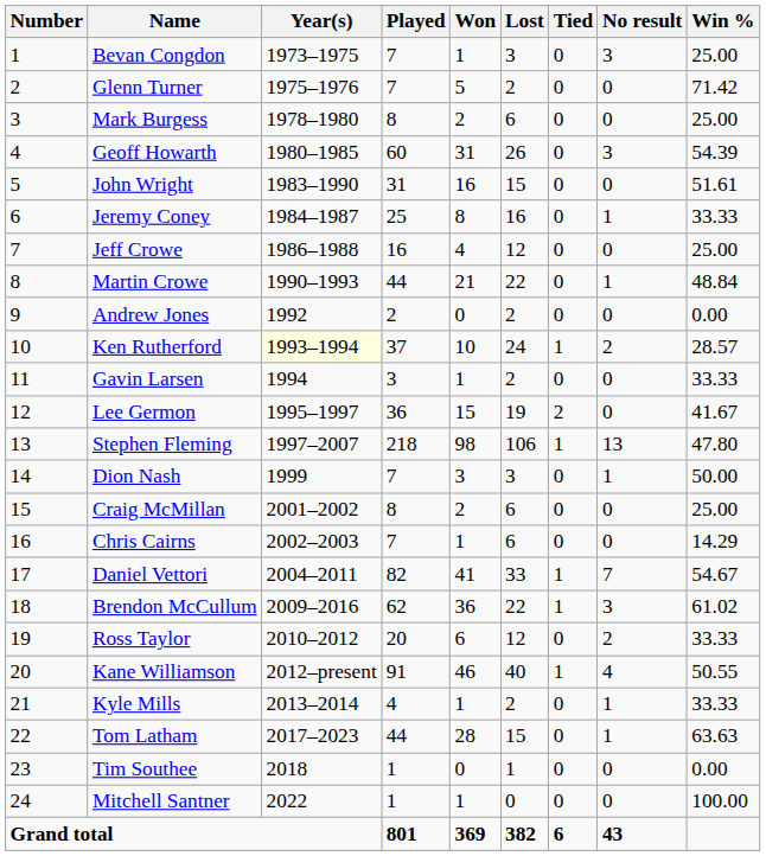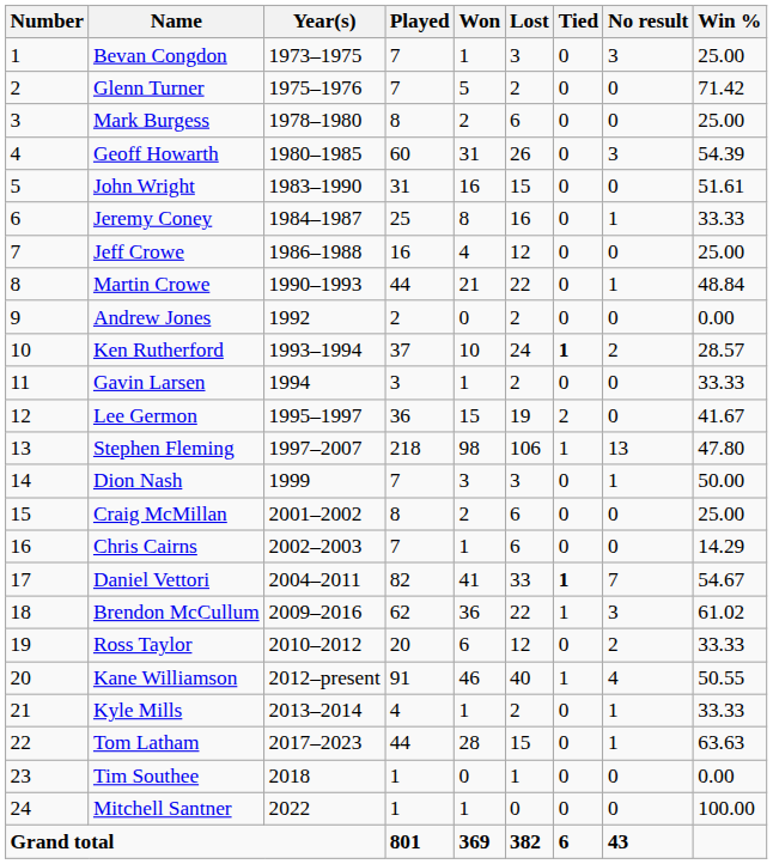 <table class="wikitable">
 <tr>
 <th>Number</th>
 <th>Name</th>
 <th>Year(s)</th>
 <th>Played</th>
 <th>Won</th>
 <th>Lost</th>
 <th>Tied</th>
 <th>No result</th>
 <th>Win %</th>
 </tr>
 <tr>
 <td>1</td>
 <td><a href='#'>Bevan Congdon</a></td>
 <td>1973–1975</td>
 <td>7</td>
 <td>1</td>
 <td>3</td>
 <td>0</td>
 <td>3</td>
 <td>25.00</td>
 </tr>
 <tr>
 <td>2</td>
 <td><a href='#'>Glenn Turner</a></td>
 <td>1975–1976</td>
 <td>7</td>
 <td>5</td>
 <td>2</td>
 <td>0</td>
 <td>0</td>
 <td>71.42</td>
 </tr>
 <tr>
 <td>3</td>
 <td><a href='#'>Mark Burgess</a></td>
 <td>1978–1980</td>
 <td>8</td>
 <td>2</td>
 <td>6</td>
 <td>0</td>
 <td>0</td>
 <td>25.00</td>
 </tr>
 <tr>
 <td>4</td>
 <td><a href='#'>Geoff Howarth</a></td>
 <td>1980–1985</td>
 <td>60</td>
 <td>31</td>
 <td>26</td>
 <td>0</td>
 <td>3</td>
 <td>54.39</td>
 </tr>
 <tr>
 <td>5</td>
 <td><a href='#'>John Wright</a></td>
 <td>1983–1990</td>
 <td>31</td>
 <td>16</td>
 <td>15</td>
 <td>0</td>
 <td>0</td>
 <td>51.61</td>
 </tr>
 <tr>
 <td>6</td>
 <td><a href='#'>Jeremy Coney</a></td>
 <td>1984–1987</td>
 <td>25</td>
 <td>8</td>
 <td>16</td>
 <td>0</td>
 <td>1</td>
 <td>33.33</td>
 </tr>
 <tr>
 <td>7</td>
 <td><a href='#'>Jeff Crowe</a></td>
 <td>1986–1988</td>
 <td>16</td>
 <td>4</td>
 <td>12</td>
 <td>0</td>
 <td>0</td>
 <td>25.00</td>
 </tr>
 <tr>
 <td>8</td>
 <td><a href='#'>Martin Crowe</a></td>
 <td>1990–1993</td>
 <td>44</td>
 <td>21</td>
 <td>22</td>
 <td>0</td>
 <td>1</td>
 <td>48.84</td>
 </tr>
 <tr>
 <td>9</td>
 <td><a href='#'>Andrew Jones</a></td>
 <td>1992</td>
 <td>2</td>
 <td>0</td>
 <td>2</td>
 <td>0</td>
 <td>0</td>
 <td>0.00</td>
 </tr>
 <tr>
 <td>10</td>
 <td><a href='#'>Ken Rutherford</a></td>
-<td style="background: lightyellow;">1993–1994</td>
+<td>1993–1994</td>
 <td>37</td>
 <td>10</td>
 <td>24</td>
-<td>1</td>
+<td><strong>1</strong></td>
 <td>2</td>
 <td>28.57</td>
 </tr>
 <tr>
 <td>11</td>
 <td><a href='#'>Gavin Larsen</a></td>
 <td>1994</td>
 <td>3</td>
 <td>1</td>
 <td>2</td>
 <td>0</td>
 <td>0</td>
 <td>33.33</td>
 </tr>
 <tr>
 <td>12</td>
 <td><a href='#'>Lee Germon</a></td>
 <td>1995–1997</td>
 <td>36</td>
 <td>15</td>
 <td>19</td>
 <td>2</td>
 <td>0</td>
 <td>41.67</td>
 </tr>
 <tr>
 <td>13</td>
 <td><a href='#'>Stephen Fleming</a></td>
 <td>1997–2007</td>
 <td>218</td>
 <td>98</td>
 <td>106</td>
 <td>1</td>
 <td>13</td>
 <td>47.80</td>
 </tr>
 <tr>
 <td>14</td>
 <td><a href='#'>Dion Nash</a></td>
 <td>1999</td>
 <td>7</td>
 <td>3</td>
 <td>3</td>
 <td>0</td>
 <td>1</td>
 <td>50.00</td>
 </tr>
 <tr>
 <td>15</td>
 <td><a href='#'>Craig McMillan</a></td>
 <td>2001–2002</td>
 <td>8</td>
 <td>2</td>
 <td>6</td>
 <td>0</td>
 <td>0</td>
 <td>25.00</td>
 </tr>
 <tr>
 <td>16</td>
 <td><a href='#'>Chris Cairns</a></td>
 <td>2002–2003</td>
 <td>7</td>
 <td>1</td>
 <td>6</td>
 <td>0</td>
 <td>0</td>
 <td>14.29</td>
 </tr>
 <tr>
 <td>17</td>
 <td><a href='#'>Daniel Vettori</a></td>
 <td>2004–2011</td>
 <td>82</td>
 <td>41</td>
 <td>33</td>
-<td>1</td>
+<td><strong>1</strong></td>
 <td>7</td>
 <td>54.67</td>
 </tr>
 <tr>
 <td>18</td>
 <td><a href='#'>Brendon McCullum</a></td>
 <td>2009–2016</td>
 <td>62</td>
 <td>36</td>
 <td>22</td>
 <td>1</td>
 <td>3</td>
 <td>61.02</td>
 </tr>
 <tr>
 <td>19</td>
 <td><a href='#'>Ross Taylor</a></td>
 <td>2010–2012</td>
 <td>20</td>
 <td>6</td>
 <td>12</td>
 <td>0</td>
 <td>2</td>
 <td>33.33</td>
 </tr>
 <tr>
 <td>20</td>
 <td><a href='#'>Kane Williamson</a></td>
 <td>2012–present</td>
 <td>91</td>
 <td>46</td>
 <td>40</td>
 <td>1</td>
 <td>4</td>
 <td>50.55</td>
 </tr>
 <tr>
 <td>21</td>
 <td><a href='#'>Kyle Mills</a></td>
 <td>2013–2014</td>
 <td>4</td>
 <td>1</td>
 <td>2</td>
 <td>0</td>
 <td>1</td>
 <td>33.33</td>
 </tr>
 <tr>
 <td>22</td>
 <td><a href='#'>Tom Latham</a></td>
 <td>2017–2023</td>
 <td>44</td>
 <td>28</td>
 <td>15</td>
 <td>0</td>
 <td>1</td>
 <td>63.63</td>
 </tr>
 <tr>
 <td>23</td>
 <td><a href='#'>Tim Southee</a></td>
 <td>2018</td>
 <td>1</td>
 <td>0</td>
 <td>1</td>
 <td>0</td>
 <td>0</td>
 <td>0.00</td>
 </tr>
 <tr>
 <td>24</td>
 <td><a href='#'>Mitchell Santner</a></td>
 <td>2022</td>
 <td>1</td>
 <td>1</td>
 <td>0</td>
 <td>0</td>
 <td>0</td>
 <td>100.00</td>
 </tr>
 <tr>
 <td colspan="3"><strong>Grand total</strong></td>
 <td><strong>801</strong></td>
 <td><strong>369</strong></td>
 <td><strong>382</strong></td>
 <td><strong>6</strong></td>
 <td><strong>43</strong></td>
 <td></td>
 </tr>
 </table>
